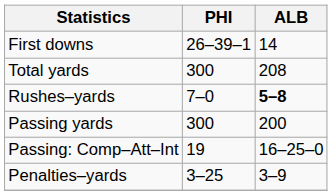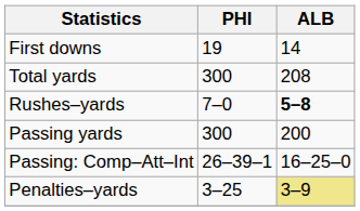 <table class="wikitable" style="display: inline-table;">
 <tr>
 <th>Statistics</th>
 <th><strong>PHI</strong></th>
 <th><strong>ALB</strong></th>
 </tr>
 <tr>
 <td>First downs</td>
-<td>26–39–1</td>
+<td>19</td>
 <td>14</td>
 </tr>
 <tr>
 <td>Total yards</td>
 <td>300</td>
 <td>208</td>
 </tr>
 <tr>
 <td>Rushes–yards</td>
 <td>7–0</td>
 <td><strong>5–8</strong></td>
 </tr>
 <tr>
 <td>Passing yards</td>
 <td>300</td>
 <td>200</td>
 </tr>
 <tr>
 <td>Passing: Comp–Att–Int</td>
-<td>19</td>
+<td>26–39–1</td>
 <td>16–25–0</td>
 </tr>
 <tr>
 <td>Penalties–yards</td>
 <td>3–25</td>
-<td>3–9</td>
+<td style="background: khaki;">3–9</td>
 </tr>
 <tr>
 </tr>
 </table>
